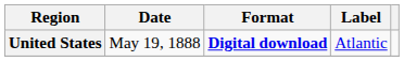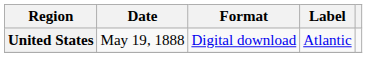 <table class="wikitable plainrowheaders">
 <tr>
 <th scope="col">Region</th>
 <th scope="col">Date</th>
 <th scope="col">Format</th>
 <th scope="col">Label</th>
 <th scope="col"></th>
 </tr>
 <tr>
 <th scope="row">United States</th>
 <td>May 19, 1888</td>
-<td><strong><a href='#'>Digital download</a></strong></td>
+<td><a href='#'>Digital download</a></td>
 <td><a href='#'>Atlantic</a></td>
 <td align="center"></td>
 </tr>
 <tr>
 </tr>
 </table>
